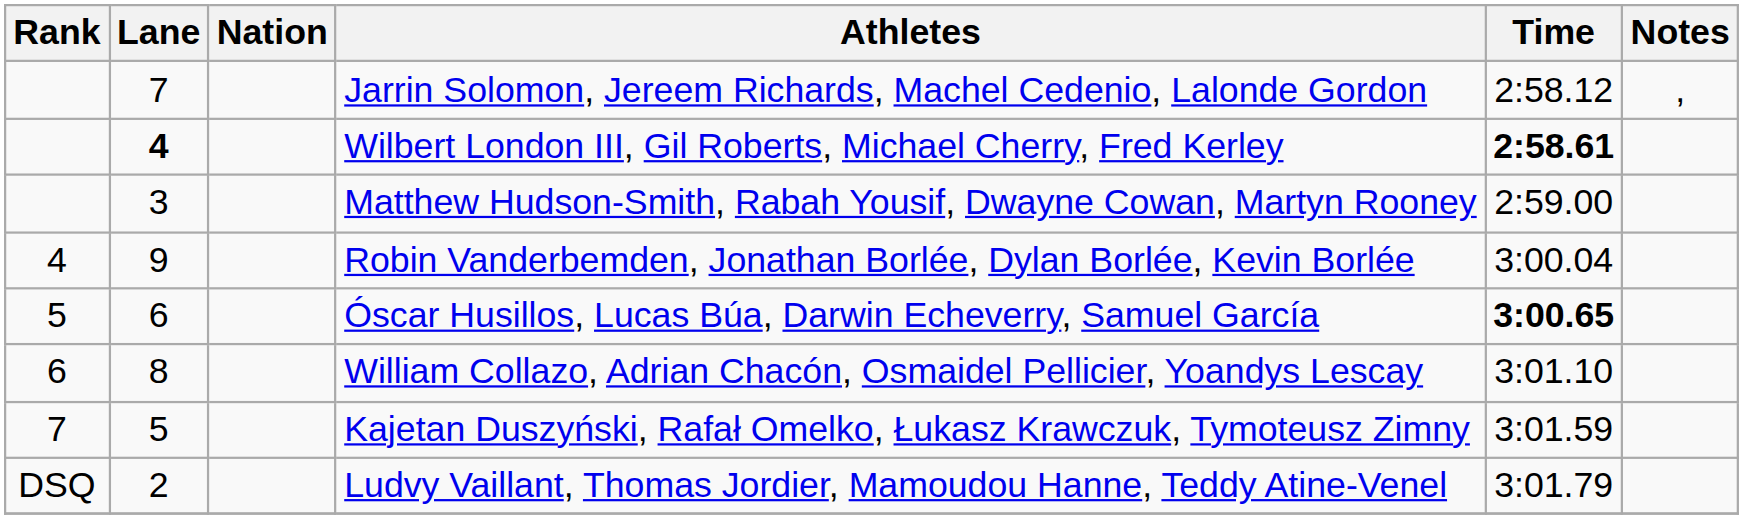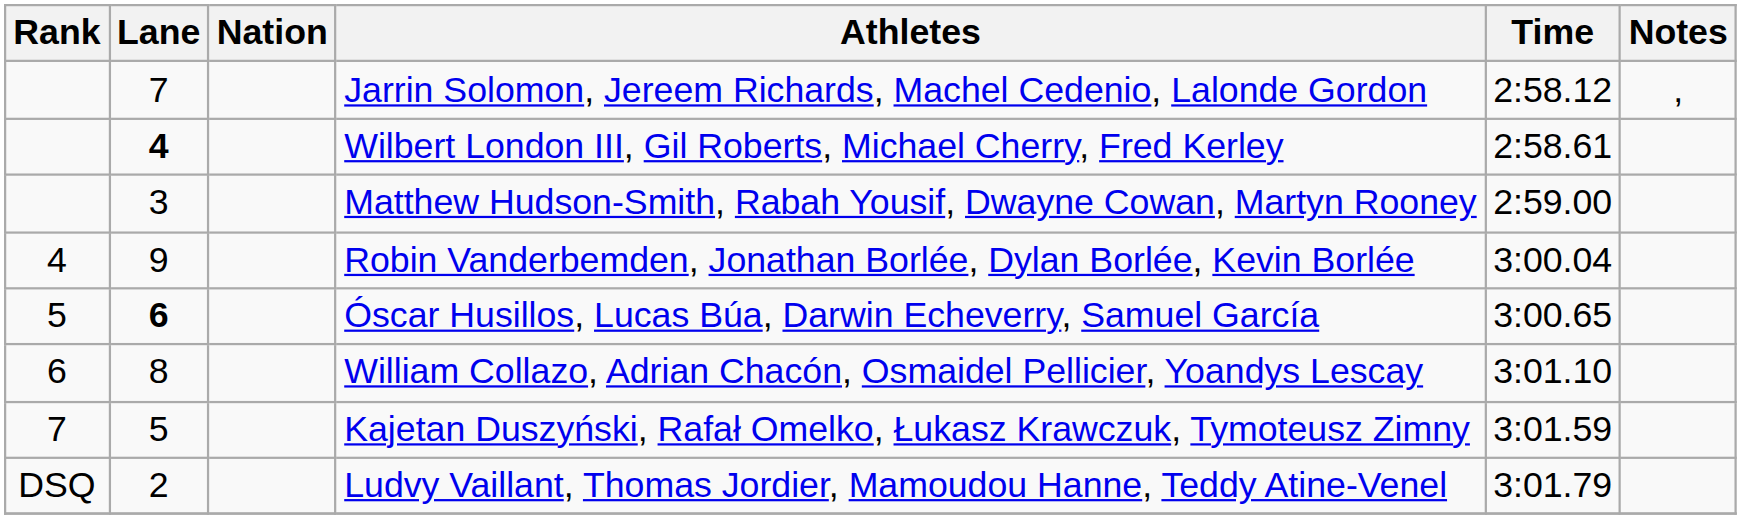 <table class="wikitable sortable" style="text-align:center">
 <tr>
 <th>Rank</th>
 <th>Lane</th>
 <th>Nation</th>
 <th>Athletes</th>
 <th>Time</th>
 <th>Notes</th>
 </tr>
 <tr>
 <td></td>
 <td>7</td>
 <td align=left></td>
 <td align=left><a href='#'>Jarrin Solomon</a>, <a href='#'>Jereem Richards</a>, <a href='#'>Machel Cedenio</a>, <a href='#'>Lalonde Gordon</a></td>
 <td>2:58.12</td>
 <td>, <strong></strong></td>
 </tr>
 <tr>
 <td></td>
 <td><strong>4</strong></td>
 <td align=left></td>
 <td align=left><a href='#'>Wilbert London III</a>, <a href='#'>Gil Roberts</a>, <a href='#'>Michael Cherry</a>, <a href='#'>Fred Kerley</a></td>
-<td><strong>2:58.61</strong></td>
+<td>2:58.61</td>
 <td></td>
 </tr>
 <tr>
 <td></td>
 <td>3</td>
 <td align=left></td>
 <td align=left><a href='#'>Matthew Hudson-Smith</a>, <a href='#'>Rabah Yousif</a>, <a href='#'>Dwayne Cowan</a>,  <a href='#'>Martyn Rooney</a></td>
 <td>2:59.00</td>
 <td></td>
 </tr>
 <tr>
 <td>4</td>
 <td>9</td>
 <td align=left></td>
 <td align=left><a href='#'>Robin Vanderbemden</a>, <a href='#'>Jonathan Borlée</a>, <a href='#'>Dylan Borlée</a>,  <a href='#'>Kevin Borlée</a></td>
 <td>3:00.04</td>
 <td></td>
 </tr>
 <tr>
 <td>5</td>
-<td>6</td>
+<td><strong>6</strong></td>
 <td align=left></td>
 <td align=left><a href='#'>Óscar Husillos</a>, <a href='#'>Lucas Búa</a>, <a href='#'>Darwin Echeverry</a>, <a href='#'>Samuel García</a></td>
-<td><strong>3:00.65</strong></td>
+<td>3:00.65</td>
 <td><strong></strong></td>
 </tr>
 <tr>
 <td>6</td>
 <td>8</td>
 <td align=left></td>
 <td align=left><a href='#'>William Collazo</a>, <a href='#'>Adrian Chacón</a>, <a href='#'>Osmaidel Pellicier</a>, <a href='#'>Yoandys Lescay</a></td>
 <td>3:01.10</td>
 <td></td>
 </tr>
 <tr>
 <td>7</td>
 <td>5</td>
 <td align=left></td>
 <td align=left><a href='#'>Kajetan Duszyński</a>, <a href='#'>Rafał Omelko</a>, <a href='#'>Łukasz Krawczuk</a>, <a href='#'>Tymoteusz Zimny</a></td>
 <td>3:01.59</td>
 <td></td>
 </tr>
 <tr>
 <td>DSQ</td>
 <td>2</td>
 <td align=left></td>
 <td align=left><a href='#'>Ludvy Vaillant</a>, <a href='#'>Thomas Jordier</a>, <a href='#'>Mamoudou Hanne</a>, <a href='#'>Teddy Atine-Venel</a></td>
 <td>3:01.79</td>
 <td></td>
 </tr>
 <tr>
 </tr>
 </table>
